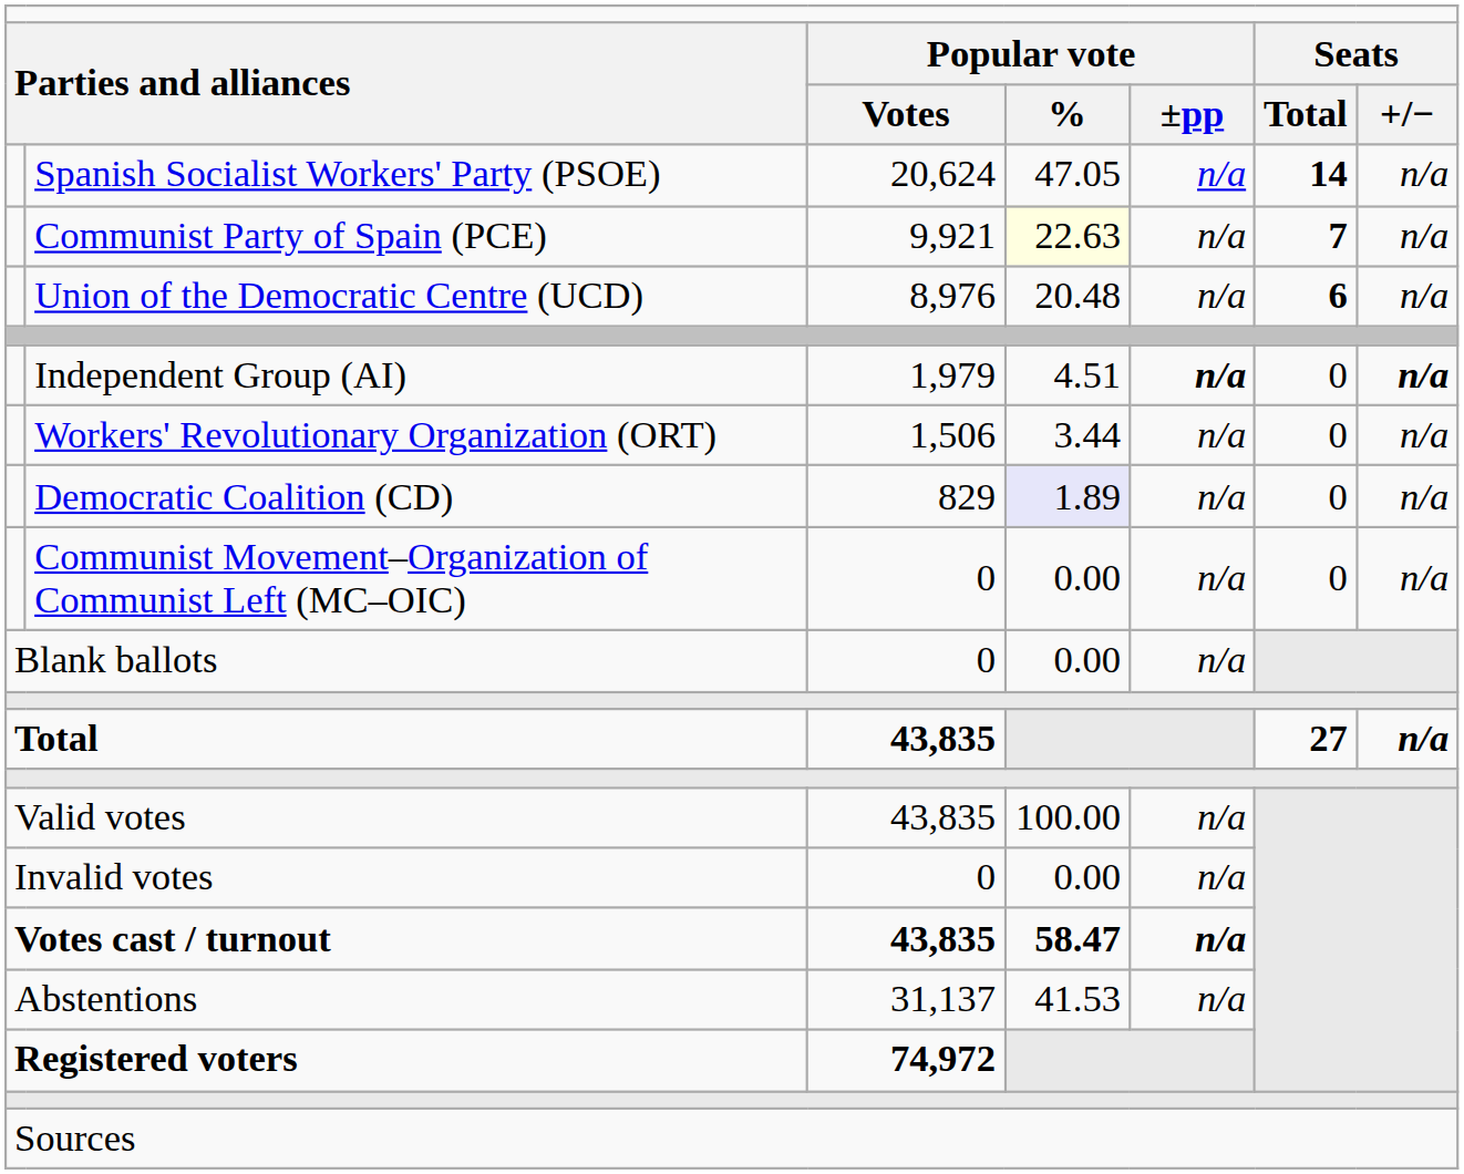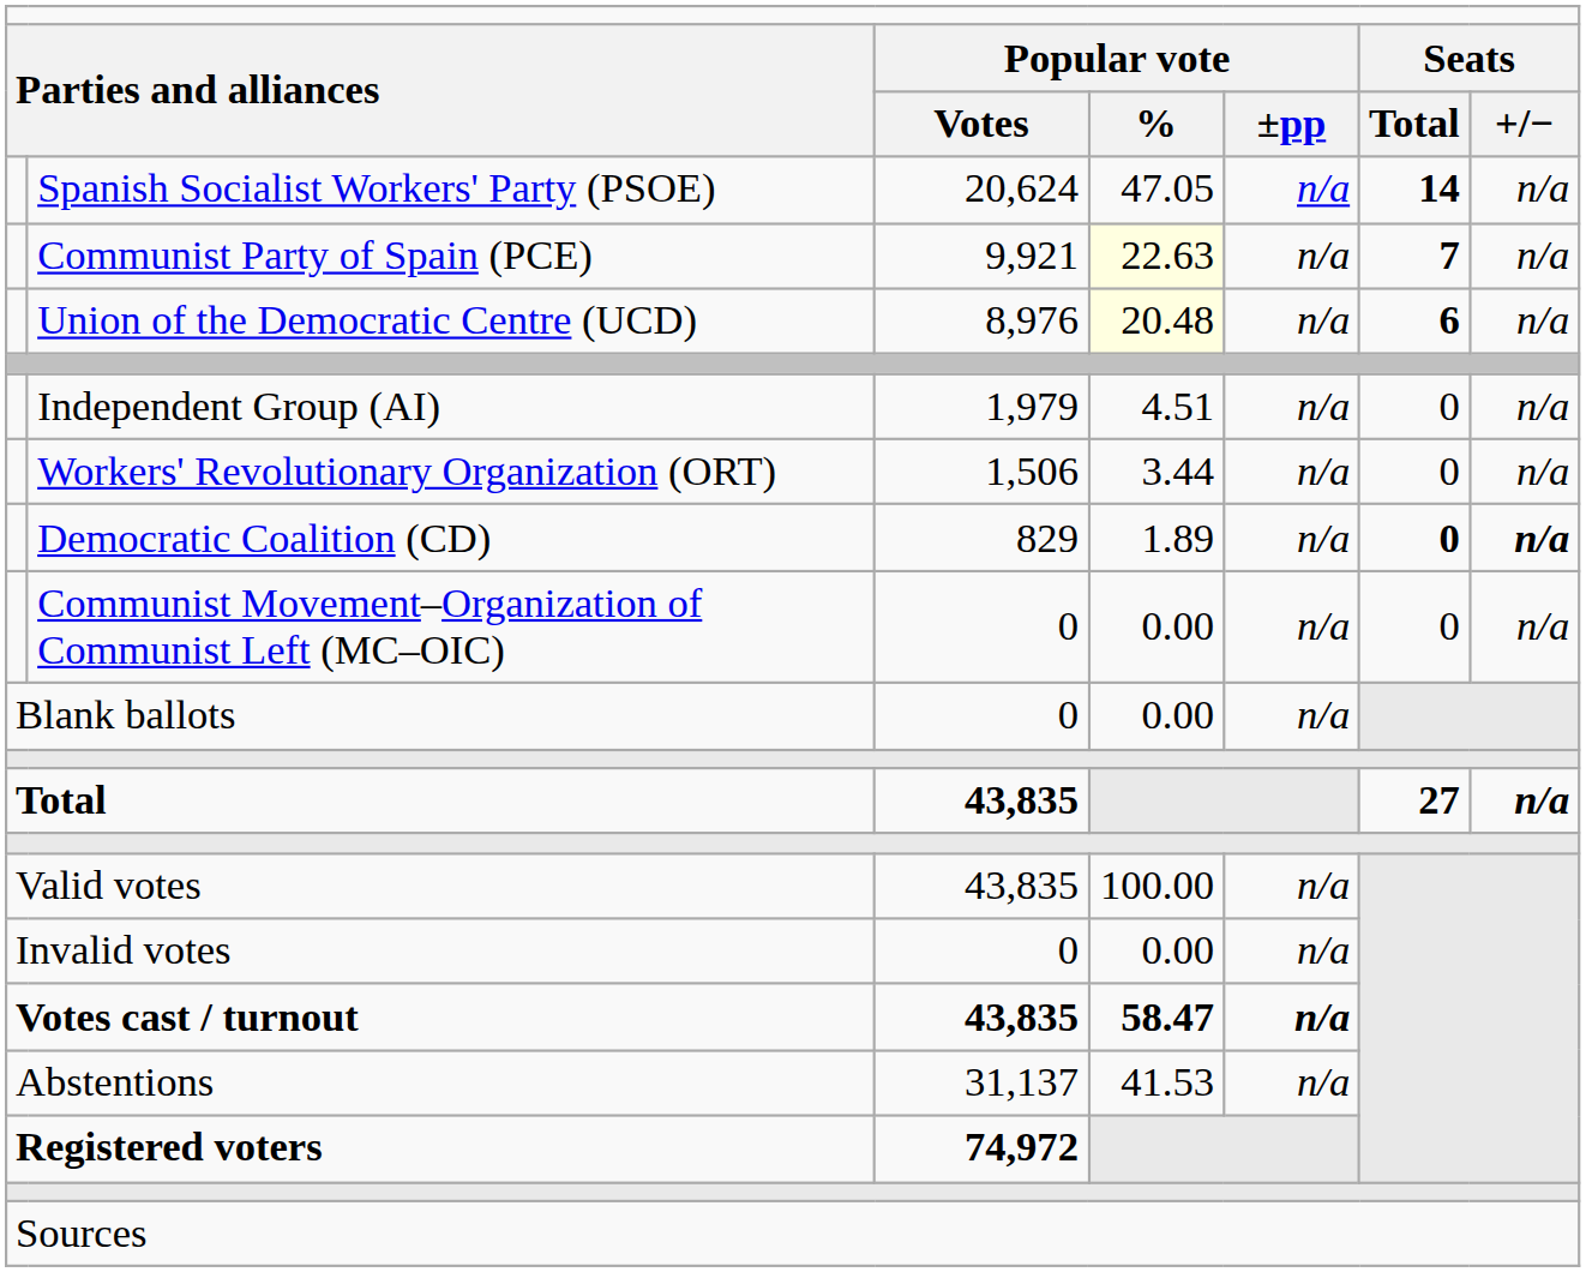 <table class="wikitable" style="text-align:right;">
 <tr>
 <td colspan="7"></td>
 </tr>
 <tr>
 <th style="text-align:left;" rowspan="2" colspan="2" width="525">Parties and alliances</th>
 <th colspan="3">Popular vote</th>
 <th colspan="2">Seats</th>
 </tr>
 <tr>
 <th width="75">Votes</th>
 <th width="45">%</th>
 <th width="45">±<a href='#'>pp</a></th>
 <th width="35">Total</th>
 <th width="35">+/−</th>
 </tr>
 <tr>
 <td width="1" style="color:inherit;background:"></td>
 <td align="left"><a href='#'>Spanish Socialist Workers' Party</a> (PSOE)</td>
 <td>20,624</td>
 <td>47.05</td>
 <td><em><a href='#'>n/a</a></em></td>
 <td><strong>14</strong></td>
 <td><em>n/a</em></td>
 </tr>
 <tr>
 <td style="color:inherit;background:"></td>
 <td align="left"><a href='#'>Communist Party of Spain</a> (PCE)</td>
 <td>9,921</td>
 <td style="background: lightyellow;">22.63</td>
 <td><em>n/a</em></td>
 <td><strong>7</strong></td>
 <td><em>n/a</em></td>
 </tr>
 <tr>
 <td style="color:inherit;background:"></td>
 <td align="left"><a href='#'>Union of the Democratic Centre</a> (UCD)</td>
 <td>8,976</td>
-<td>20.48</td>
+<td style="background: lightyellow;">20.48</td>
 <td><em>n/a</em></td>
 <td><strong>6</strong></td>
 <td><em>n/a</em></td>
 </tr>
 <tr>
 <td colspan="7" bgcolor="#C0C0C0"></td>
 </tr>
 <tr>
 <td style="color:inherit;background:"></td>
 <td align="left">Independent Group (AI)</td>
 <td>1,979</td>
 <td>4.51</td>
-<td><strong><em>n/a</em></strong></td>
+<td><em>n/a</em></td>
 <td>0</td>
-<td><strong><em>n/a</em></strong></td>
+<td><em>n/a</em></td>
 </tr>
 <tr>
 <td style="color:inherit;background:"></td>
 <td align="left"><a href='#'>Workers' Revolutionary Organization</a> (ORT)</td>
 <td>1,506</td>
 <td>3.44</td>
 <td><em>n/a</em></td>
 <td>0</td>
 <td><em>n/a</em></td>
 </tr>
 <tr>
 <td style="color:inherit;background:"></td>
 <td align="left"><a href='#'>Democratic Coalition</a> (CD)</td>
 <td>829</td>
-<td style="background: lavender;">1.89</td>
+<td>1.89</td>
 <td><em>n/a</em></td>
-<td>0</td>
-<td><em>n/a</em></td>
+<td><strong>0</strong></td>
+<td><strong><em>n/a</em></strong></td>
 </tr>
 <tr>
 <td style="color:inherit;background:"></td>
 <td align="left"><a href='#'>Communist Movement</a>–<a href='#'>Organization of Communist Left</a> (MC–OIC)</td>
 <td>0</td>
 <td>0.00</td>
 <td><em>n/a</em></td>
 <td>0</td>
 <td><em>n/a</em></td>
 </tr>
 <tr>
 <td align="left" colspan="2">Blank ballots</td>
 <td>0</td>
 <td>0.00</td>
 <td><em>n/a</em></td>
 <td bgcolor="#E9E9E9" colspan="2"></td>
 </tr>
 <tr>
 <td colspan="7" bgcolor="#E9E9E9"></td>
 </tr>
 <tr style="font-weight:bold;">
 <td align="left" colspan="2">Total</td>
 <td>43,835</td>
 <td bgcolor="#E9E9E9" colspan="2"></td>
 <td>27</td>
 <td><em>n/a</em></td>
 </tr>
 <tr>
 <td colspan="7" bgcolor="#E9E9E9"></td>
 </tr>
 <tr>
 <td align="left" colspan="2">Valid votes</td>
 <td>43,835</td>
 <td>100.00</td>
 <td><em>n/a</em></td>
 <td bgcolor="#E9E9E9" colspan="2" rowspan="5"></td>
 </tr>
 <tr>
 <td align="left" colspan="2">Invalid votes</td>
 <td>0</td>
 <td>0.00</td>
 <td><em>n/a</em></td>
 </tr>
 <tr style="font-weight:bold;">
 <td align="left" colspan="2">Votes cast / turnout</td>
 <td>43,835</td>
 <td>58.47</td>
 <td><em>n/a</em></td>
 </tr>
 <tr>
 <td align="left" colspan="2">Abstentions</td>
 <td>31,137</td>
 <td>41.53</td>
 <td><em>n/a</em></td>
 </tr>
 <tr style="font-weight:bold;">
 <td align="left" colspan="2">Registered voters</td>
 <td>74,972</td>
 <td bgcolor="#E9E9E9" colspan="2"></td>
 </tr>
 <tr>
 <td colspan="7" bgcolor="#E9E9E9"></td>
 </tr>
 <tr>
 <td align="left" colspan="7">Sources</td>
 </tr>
 </table>
